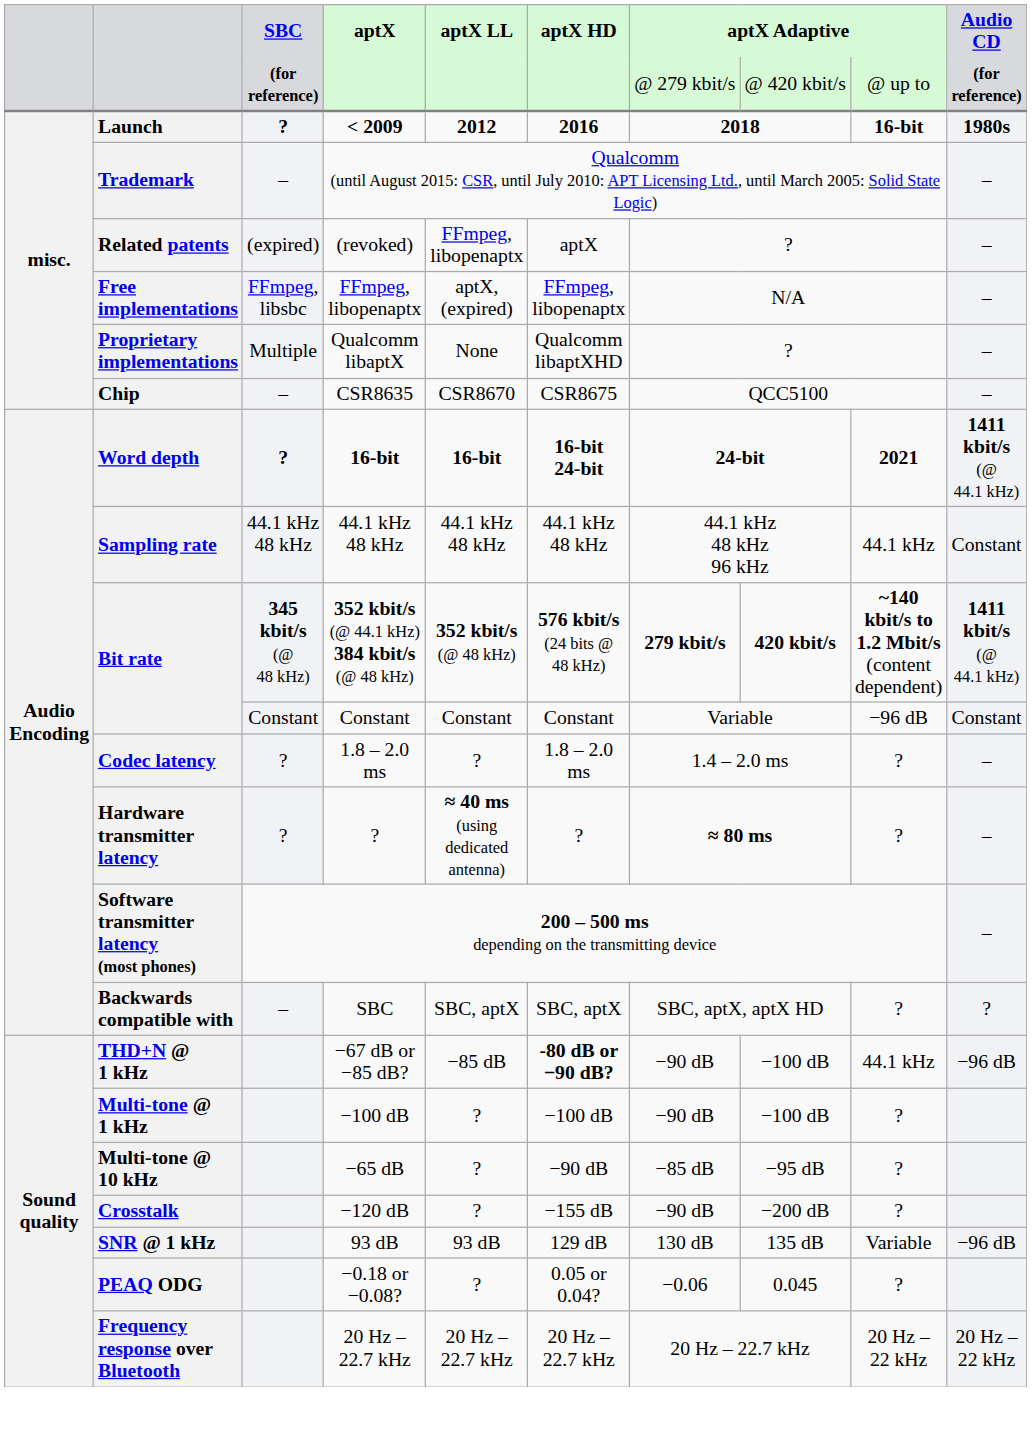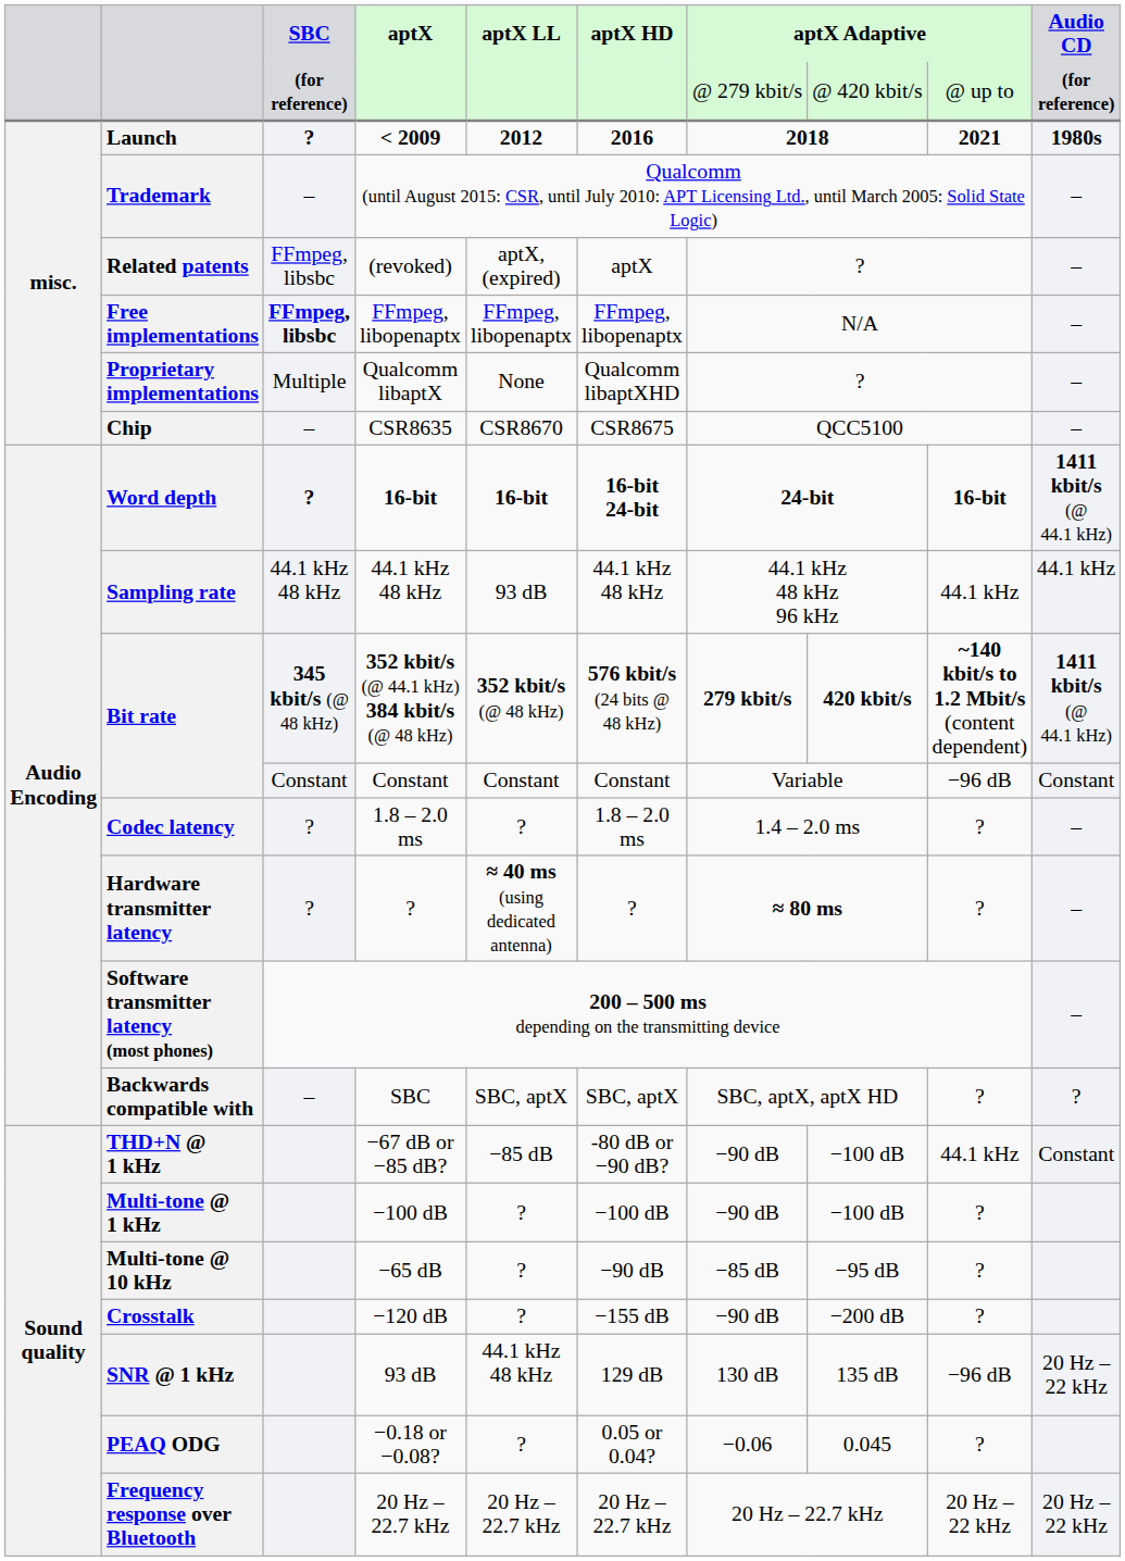 <table class="wikitable sortable sticky-header-multi mw-datatable" style="text-align:center">
 <tr>
 <th class=unsortable rowspan="2" style="border-bottom:2px solid gray; background-color:#D8D9DD"></th>
 <th class=unsortable rowspan="2" style="border-bottom:2px solid gray; background-color:#D8D9DD"></th>
 <th style="border-bottom:hidden; background-color:#D8D9DD"><a href='#'>SBC</a></th>
 <th style="border-bottom:hidden; background-color:#D6F9D6">aptX</th>
 <th style="border-bottom:hidden; background-color:#D6F9D6">aptX LL</th>
 <th style="border-bottom:hidden; background-color:#D6F9D6">aptX HD</th>
 <th colspan="3" style="border-bottom:hidden; background-color:#D6F9D6">aptX Adaptive</th>
 <th style="border-bottom:hidden; background-color:#D8D9DD"><a href='#'>Audio CD</a></th>
 </tr>
 <tr>
 <th class=unsortable style="background-color:#D8D9DD; border-bottom:2px solid gray"><small>(for reference)</small></th>
 <th class=unsortable style="background-color:#D6F9D6; border-bottom:2px solid gray"></th>
 <th class=unsortable style="background-color:#D6F9D6; border-bottom:2px solid gray"></th>
 <th class=unsortable style="background-color:#D6F9D6; border-bottom:2px solid gray"></th>
 <th class=unsortable style="background-color:#D6F9D6; border-bottom:2px solid gray; font-weight:lighter">@ 279 kbit/s</th>
 <th class=unsortable style="background-color:#D6F9D6; border-bottom:2px solid gray; font-weight:lighter">@ 420 kbit/s</th>
 <th class=unsortable style="background-color:#D6F9D6; border-bottom:2px solid gray; font-weight:lighter">@ up to </th>
 <th class=unsortable style="background-color:#D8D9DD; border-bottom:2px solid gray"><small>(for reference)</small></th>
 </tr>
 <tr>
 <th rowspan="6">misc.</th>
 <th style="text-align:left">Launch</th>
 <td style="background-color:#F0F2F6"><strong>?</strong></td>
 <td><strong>< 2009</strong></td>
 <td><strong>2012</strong></td>
 <td><strong>2016</strong></td>
 <td colspan="2"><strong>2018</strong></td>
-<td><strong>16-bit</strong></td>
+<td><strong>2021</strong></td>
 <td style="background-color:#F0F2F6"><strong>1980s</strong></td>
 </tr>
 <tr>
 <th style="text-align:left"><a href='#'>Trademark</a></th>
 <td style="background-color:#F0F2F6">–</td>
 <td colspan="6"><a href='#'>Qualcomm</a><br><small>(until August 2015: <a href='#'>CSR</a>, until July 2010: <a href='#'>APT Licensing Ltd.</a>, until March 2005: <a href='#'>Solid State Logic</a>)</small></td>
 <td style="background-color:#F0F2F6">–</td>
 </tr>
 <tr>
 <th style="text-align:left">Related <a href='#'>patents</a></th>
-<td style="background-color:#F0F2F6"> (expired)</td>
+<td style="background-color:#F0F2F6"><a href='#'>FFmpeg</a>, libsbc</td>
 <td> (revoked)</td>
-<td><a href='#'>FFmpeg</a>, libopenaptx</td>
+<td>aptX,<br>  (expired)</td>
 <td>aptX</td>
 <td colspan="3">?</td>
 <td style="background-color:#F0F2F6">–</td>
 </tr>
 <tr>
 <th style="text-align:left"><a href='#'>Free implementations</a></th>
-<td style="background-color:#F0F2F6"><a href='#'>FFmpeg</a>, libsbc</td>
+<td style="background-color:#F0F2F6"><strong><a href='#'>FFmpeg</a>, libsbc</strong></td>
 <td><a href='#'>FFmpeg</a>, libopenaptx</td>
-<td>aptX,<br>  (expired)</td>
+<td><a href='#'>FFmpeg</a>, libopenaptx</td>
 <td><a href='#'>FFmpeg</a>, libopenaptx</td>
 <td colspan="3">N/A</td>
 <td style="background-color:#F0F2F6">–</td>
 </tr>
 <tr>
 <th style="text-align:left"><a href='#'>Proprietary implementations</a></th>
 <td style="background-color:#F0F2F6">Multiple</td>
 <td>Qualcomm libaptX</td>
 <td>None</td>
 <td>Qualcomm libaptXHD</td>
 <td colspan="3">?</td>
 <td style="background-color:#F0F2F6">–</td>
 </tr>
 <tr>
 <th style="text-align:left">Chip</th>
 <td style="background-color:#F0F2F6">–</td>
 <td>CSR8635</td>
 <td>CSR8670</td>
 <td>CSR8675</td>
 <td colspan="3">QCC5100</td>
 <td style="background-color:#F0F2F6">–</td>
 </tr>
 <tr>
 <th rowspan="8">Audio<br>Encoding</th>
 <th style="text-align:left"><a href='#'>Word depth</a></th>
 <td style="background-color:#F0F2F6"><strong>?</strong></td>
 <td><strong>16-bit</strong></td>
 <td><strong>16-bit</strong></td>
 <td><strong>16-bit</strong><br><strong>24-bit</strong></td>
 <td colspan="2"><strong>24-bit</strong></td>
-<td><strong>2021</strong></td>
+<td><strong>16-bit</strong></td>
 <td style="background-color:#F0F2F6"><strong>1411 kbit/s</strong> <small>(@ 44.1 kHz)</small></td>
 </tr>
 <tr>
 <th style="text-align:left"><a href='#'>Sampling rate</a></th>
 <td style="background-color:#F0F2F6">44.1 kHz<br>48 kHz<br> </td>
 <td>44.1 kHz<br>48 kHz<br> </td>
-<td>44.1 kHz<br>48 kHz<br> </td>
+<td>93 dB</td>
 <td>44.1 kHz<br>48 kHz<br> </td>
 <td colspan="2">44.1 kHz<br>48 kHz<br>96 kHz</td>
 <td>44.1 kHz</td>
-<td style="background-color:#F0F2F6">Constant</td>
+<td style="background-color:#F0F2F6">44.1 kHz<br><br> </td>
 </tr>
 <tr>
 <th style="text-align:left" rowspan="2"><a href='#'>Bit rate</a></th>
 <td style="background-color:#F0F2F6"><strong>345 kbit/s</strong> <small>(@ 48 kHz)</small></td>
 <td><strong>352 kbit/s</strong> <small>(@ 44.1 kHz)</small><br><strong>384 kbit/s</strong> <small>(@ 48 kHz)</small></td>
 <td><strong>352 kbit/s</strong> <small>(@ 48 kHz)</small></td>
 <td><strong>576 kbit/s</strong> <small>(24 bits @ 48 kHz)</small></td>
 <td><strong>279 kbit/s</strong></td>
 <td><strong>420 kbit/s</strong></td>
 <td><strong>~140 kbit/s to 1.2 Mbit/s</strong> (content dependent)</td>
 <td style="background-color:#F0F2F6"><strong>1411 kbit/s</strong> <small>(@ 44.1 kHz)</small></td>
 </tr>
 <tr>
 <td style="background-color:#F0F2F6">Constant</td>
 <td>Constant</td>
 <td>Constant</td>
 <td>Constant</td>
 <td colspan="2">Variable</td>
 <td>−96 dB</td>
 <td style="background-color:#F0F2F6">Constant</td>
 </tr>
 <tr>
 <th style="text-align:left"><a href='#'>Codec latency</a></th>
 <td style="background-color:#F0F2F6">?</td>
 <td>1.8 – 2.0 ms</td>
 <td>?</td>
 <td>1.8 – 2.0 ms</td>
 <td colspan="2">1.4 – 2.0 ms</td>
 <td>?</td>
 <td style="background-color:#F0F2F6">–</td>
 </tr>
 <tr>
 <th style="text-align:left">Hardware transmitter <a href='#'>latency</a></th>
 <td style="background-color:#F0F2F6">?</td>
 <td>?</td>
 <td><strong>≈ 40 ms</strong><br><small>(using dedicated antenna)</small></td>
 <td>?</td>
 <td colspan="2"><strong>≈ 80 ms</strong></td>
 <td>?</td>
 <td style="background-color:#F0F2F6">–</td>
 </tr>
 <tr>
 <th style="text-align:left">Software transmitter <a href='#'>latency</a> <small>(most phones)</small></th>
 <td colspan="7"><strong>200 – 500 ms</strong><br><small>depending on the transmitting device</small></td>
 <td style="background-color:#F0F2F6">–</td>
 </tr>
 <tr>
 <th style="text-align:left">Backwards compatible with</th>
 <td style="background-color:#F0F2F6">–</td>
 <td>SBC</td>
 <td>SBC, aptX</td>
 <td>SBC, aptX</td>
 <td colspan="2">SBC, aptX, aptX HD</td>
 <td>?</td>
 <td style="background-color:#F0F2F6">?</td>
 </tr>
 <tr>
 <th rowspan="7">Sound<br>quality</th>
 <th style="text-align:left"><a href='#'>THD+N</a> @ 1 kHz</th>
 <td style="background-color:#F0F2F6"></td>
 <td>−67 dB or −85 dB?</td>
 <td>−85 dB</td>
-<td><strong>-80 dB or −90 dB?</strong></td>
+<td>-80 dB or −90 dB?</td>
 <td>−90 dB</td>
 <td>−100 dB</td>
 <td>44.1 kHz</td>
-<td style="background-color:#F0F2F6">−96 dB</td>
+<td style="background-color:#F0F2F6">Constant</td>
 </tr>
 <tr>
 <th style="text-align:left"><a href='#'>Multi-tone</a> @ 1 kHz</th>
 <td style="background-color:#F0F2F6"></td>
 <td>−100 dB</td>
 <td>?</td>
 <td>−100 dB</td>
 <td>−90 dB</td>
 <td>−100 dB</td>
 <td>?</td>
 <td style="background-color:#F0F2F6"></td>
 </tr>
 <tr>
 <th style="text-align:left">Multi-tone @ 10 kHz</th>
 <td style="background-color:#F0F2F6"></td>
 <td>−65 dB</td>
 <td>?</td>
 <td>−90 dB</td>
 <td>−85 dB</td>
 <td>−95 dB</td>
 <td>?</td>
 <td style="background-color:#F0F2F6"></td>
 </tr>
 <tr>
 <th style="text-align:left"><a href='#'>Crosstalk</a></th>
 <td style="background-color:#F0F2F6"></td>
 <td>−120 dB</td>
 <td>?</td>
 <td>−155 dB</td>
 <td>−90 dB</td>
 <td>−200 dB</td>
 <td>?</td>
 <td style="background-color:#F0F2F6"></td>
 </tr>
 <tr>
 <th style="text-align:left"><a href='#'>SNR</a> @ 1 kHz</th>
 <td style="background-color:#F0F2F6"></td>
 <td>93 dB</td>
-<td>93 dB</td>
+<td>44.1 kHz<br>48 kHz<br> </td>
 <td>129 dB</td>
 <td>130 dB</td>
 <td>135 dB</td>
-<td>Variable</td>
-<td style="background-color:#F0F2F6">−96 dB</td>
+<td>−96 dB</td>
+<td style="background-color:#F0F2F6">20 Hz – 22 kHz</td>
 </tr>
 <tr>
 <th style="text-align:left"><a href='#'>PEAQ</a> ODG</th>
 <td style="background-color:#F0F2F6"></td>
 <td>−0.18 or −0.08?</td>
 <td>?</td>
 <td>0.05 or 0.04?</td>
 <td>−0.06</td>
 <td>0.045</td>
 <td>?</td>
 <td style="background-color:#F0F2F6"></td>
 </tr>
 <tr>
 <th style="text-align:left"><a href='#'>Frequency response</a> over <a href='#'>Bluetooth</a></th>
 <td style="background-color:#F0F2F6"></td>
 <td>20 Hz – 22.7 kHz</td>
 <td>20 Hz – 22.7 kHz</td>
 <td>20 Hz – 22.7 kHz</td>
 <td colspan="2">20 Hz – 22.7 kHz</td>
 <td>20 Hz – 22 kHz</td>
 <td style="background-color:#F0F2F6">20 Hz – 22 kHz</td>
 </tr>
 </table>
